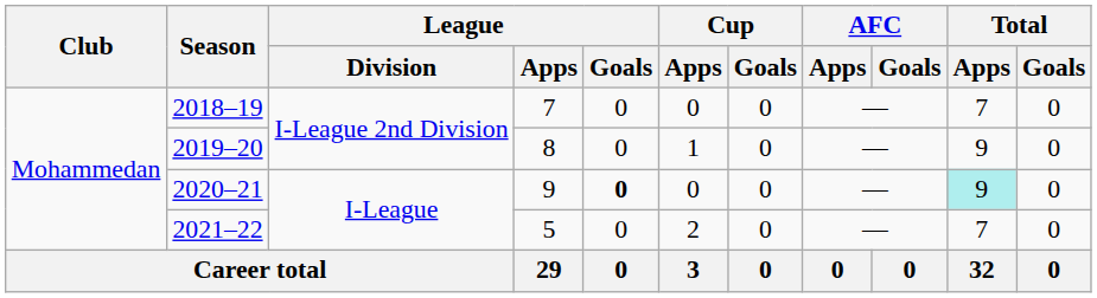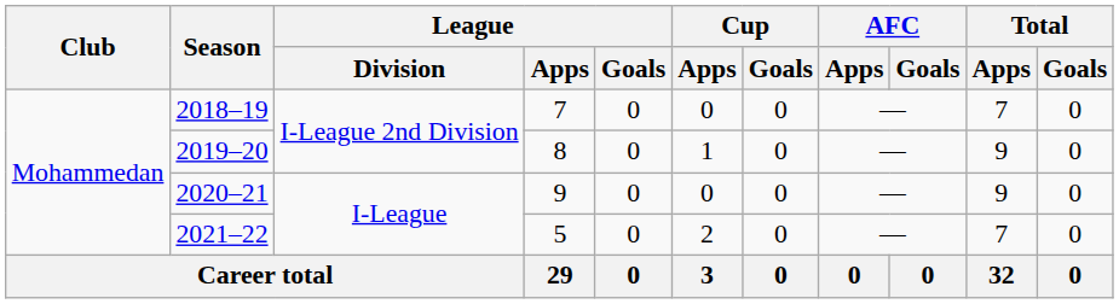 <table class="wikitable" style="text-align: center;">
 <tr>
 <th rowspan="2">Club</th>
 <th rowspan="2">Season</th>
 <th colspan="3">League</th>
 <th colspan="2">Cup</th>
 <th colspan="2"><a href='#'>AFC</a></th>
 <th colspan="2">Total</th>
 </tr>
 <tr>
 <th>Division</th>
 <th>Apps</th>
 <th>Goals</th>
 <th>Apps</th>
 <th>Goals</th>
 <th>Apps</th>
 <th>Goals</th>
 <th>Apps</th>
 <th>Goals</th>
 </tr>
 <tr>
 <td rowspan="4"><a href='#'>Mohammedan</a></td>
 <td><a href='#'>2018–19</a></td>
 <td rowspan="2"><a href='#'>I-League 2nd Division</a></td>
 <td>7</td>
 <td>0</td>
 <td>0</td>
 <td>0</td>
 <td colspan="2">—</td>
 <td>7</td>
 <td>0</td>
 </tr>
 <tr>
 <td><a href='#'>2019–20</a></td>
 <td>8</td>
 <td>0</td>
 <td>1</td>
 <td>0</td>
 <td colspan="2">—</td>
 <td>9</td>
 <td>0</td>
 </tr>
 <tr>
 <td><a href='#'>2020–21</a></td>
 <td rowspan="2"><a href='#'>I-League</a></td>
 <td>9</td>
-<td><strong>0</strong></td>
+<td>0</td>
 <td>0</td>
 <td>0</td>
 <td colspan="2">—</td>
-<td style="background: paleturquoise;">9</td>
+<td>9</td>
 <td>0</td>
 </tr>
 <tr>
 <td><a href='#'>2021–22</a></td>
 <td>5</td>
 <td>0</td>
 <td>2</td>
 <td>0</td>
 <td colspan="2">—</td>
 <td>7</td>
 <td>0</td>
 </tr>
 <tr>
 <th colspan="3">Career total</th>
 <th>29</th>
 <th>0</th>
 <th>3</th>
 <th>0</th>
 <th>0</th>
 <th>0</th>
 <th>32</th>
 <th>0</th>
 </tr>
 </table>
